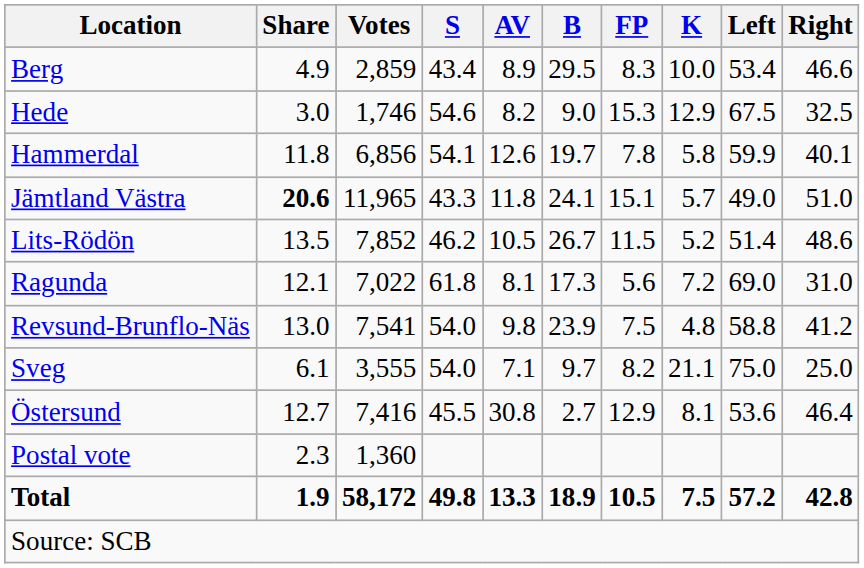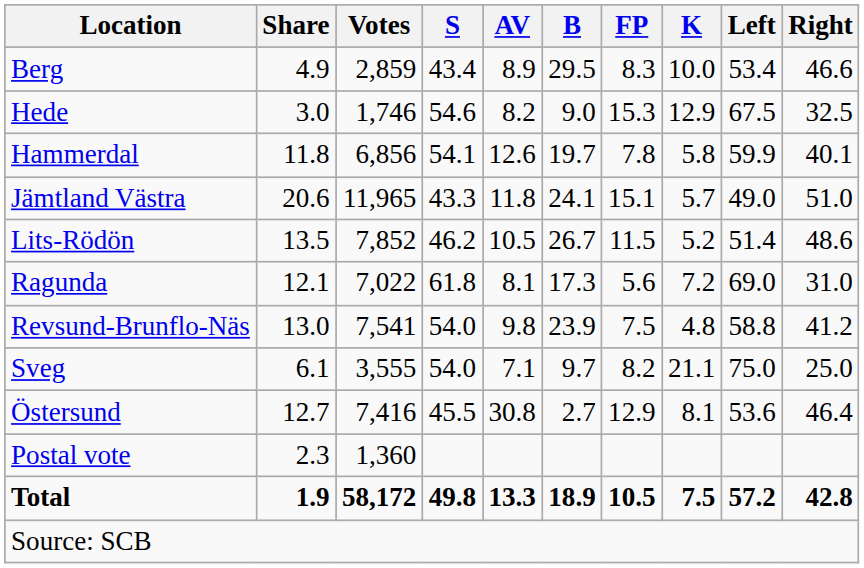 <table class="wikitable sortable" style=text-align:right>
 <tr>
 <th>Location</th>
 <th>Share</th>
 <th>Votes</th>
 <th><a href='#'>S</a></th>
 <th><a href='#'>AV</a></th>
 <th><a href='#'>B</a></th>
 <th><a href='#'>FP</a></th>
 <th><a href='#'>K</a></th>
 <th>Left</th>
 <th>Right</th>
 </tr>
 <tr>
 <td align=left><a href='#'>Berg</a></td>
 <td>4.9</td>
 <td>2,859</td>
 <td>43.4</td>
 <td>8.9</td>
 <td>29.5</td>
 <td>8.3</td>
 <td>10.0</td>
 <td>53.4</td>
 <td>46.6</td>
 </tr>
 <tr>
 <td align=left><a href='#'>Hede</a></td>
 <td>3.0</td>
 <td>1,746</td>
 <td>54.6</td>
 <td>8.2</td>
 <td>9.0</td>
 <td>15.3</td>
 <td>12.9</td>
 <td>67.5</td>
 <td>32.5</td>
 </tr>
 <tr>
 <td align=left><a href='#'>Hammerdal</a></td>
 <td>11.8</td>
 <td>6,856</td>
 <td>54.1</td>
 <td>12.6</td>
 <td>19.7</td>
 <td>7.8</td>
 <td>5.8</td>
 <td>59.9</td>
 <td>40.1</td>
 </tr>
 <tr>
 <td align=left><a href='#'>Jämtland Västra</a></td>
-<td><strong>20.6</strong></td>
+<td>20.6</td>
 <td>11,965</td>
 <td>43.3</td>
 <td>11.8</td>
 <td>24.1</td>
 <td>15.1</td>
 <td>5.7</td>
 <td>49.0</td>
 <td>51.0</td>
 </tr>
 <tr>
 <td align=left><a href='#'>Lits-Rödön</a></td>
 <td>13.5</td>
 <td>7,852</td>
 <td>46.2</td>
 <td>10.5</td>
 <td>26.7</td>
 <td>11.5</td>
 <td>5.2</td>
 <td>51.4</td>
 <td>48.6</td>
 </tr>
 <tr>
 <td align=left><a href='#'>Ragunda</a></td>
 <td>12.1</td>
 <td>7,022</td>
 <td>61.8</td>
 <td>8.1</td>
 <td>17.3</td>
 <td>5.6</td>
 <td>7.2</td>
 <td>69.0</td>
 <td>31.0</td>
 </tr>
 <tr>
 <td align=left><a href='#'>Revsund-Brunflo-Näs</a></td>
 <td>13.0</td>
 <td>7,541</td>
 <td>54.0</td>
 <td>9.8</td>
 <td>23.9</td>
 <td>7.5</td>
 <td>4.8</td>
 <td>58.8</td>
 <td>41.2</td>
 </tr>
 <tr>
 <td align=left><a href='#'>Sveg</a></td>
 <td>6.1</td>
 <td>3,555</td>
 <td>54.0</td>
 <td>7.1</td>
 <td>9.7</td>
 <td>8.2</td>
 <td>21.1</td>
 <td>75.0</td>
 <td>25.0</td>
 </tr>
 <tr>
 <td align=left><a href='#'>Östersund</a></td>
 <td>12.7</td>
 <td>7,416</td>
 <td>45.5</td>
 <td>30.8</td>
 <td>2.7</td>
 <td>12.9</td>
 <td>8.1</td>
 <td>53.6</td>
 <td>46.4</td>
 </tr>
 <tr>
 <td align=left><a href='#'>Postal vote</a></td>
 <td>2.3</td>
 <td>1,360</td>
 <td></td>
 <td></td>
 <td></td>
 <td></td>
 <td></td>
 <td></td>
 <td></td>
 </tr>
 <tr>
 <td align=left><strong>Total</strong></td>
 <td><strong>1.9</strong></td>
 <td><strong>58,172</strong></td>
 <td><strong>49.8</strong></td>
 <td><strong>13.3</strong></td>
 <td><strong>18.9</strong></td>
 <td><strong>10.5</strong></td>
 <td><strong>7.5</strong></td>
 <td><strong>57.2</strong></td>
 <td><strong>42.8</strong></td>
 </tr>
 <tr>
 <td align=left colspan=10>Source: SCB </td>
 </tr>
 </table>
